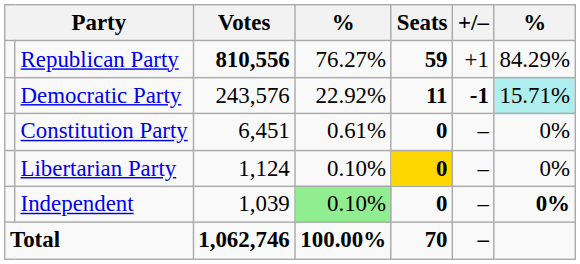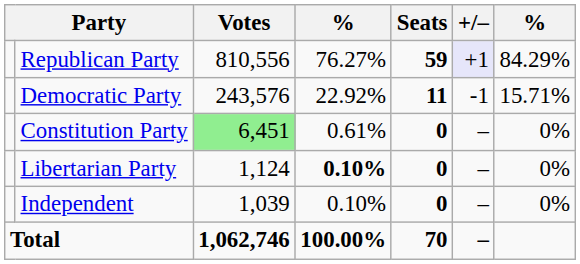 <table class="wikitable" style="font-size:100%; text-align:right;">
 <tr>
 <th colspan=2>Party</th>
 <th>Votes</th>
 <th>%</th>
 <th>Seats</th>
 <th>+/–</th>
 <th>%</th>
 </tr>
 <tr>
 <td style="background:"></td>
 <td align=left><a href='#'>Republican Party</a></td>
-<td><strong>810,556</strong></td>
+<td>810,556</td>
 <td>76.27%</td>
 <td><strong>59</strong></td>
-<td>+1</td>
+<td style="background: lavender;">+1</td>
 <td>84.29%</td>
 </tr>
 <tr>
 <td style="background:"></td>
 <td align=left><a href='#'>Democratic Party</a></td>
 <td>243,576</td>
 <td>22.92%</td>
 <td><strong>11</strong></td>
-<td><strong>-1</strong></td>
-<td style="background: paleturquoise;">15.71%</td>
+<td>-1</td>
+<td>15.71%</td>
 </tr>
 <tr>
 <td style="background:"></td>
 <td align=left><a href='#'>Constitution Party</a></td>
-<td>6,451</td>
+<td style="background: lightgreen;">6,451</td>
 <td>0.61%</td>
 <td><strong>0</strong></td>
 <td>–</td>
 <td>0%</td>
 </tr>
 <tr>
 <td style="background:"></td>
 <td align=left><a href='#'>Libertarian Party</a></td>
 <td>1,124</td>
-<td>0.10%</td>
-<td style="background: gold;"><strong>0</strong></td>
+<td><strong>0.10%</strong></td>
+<td><strong>0</strong></td>
 <td>–</td>
 <td>0%</td>
 </tr>
 <tr>
 <td style="background:"></td>
 <td align=left><a href='#'>Independent</a></td>
 <td>1,039</td>
-<td style="background: lightgreen;">0.10%</td>
+<td>0.10%</td>
 <td><strong>0</strong></td>
 <td>–</td>
-<td><strong>0%</strong></td>
+<td>0%</td>
 </tr>
 <tr style="font-weight:bold">
 <td colspan=2 align=left>Total</td>
 <td>1,062,746</td>
 <td>100.00%</td>
 <td>70</td>
 <td>–</td>
 </tr>
 </table>
